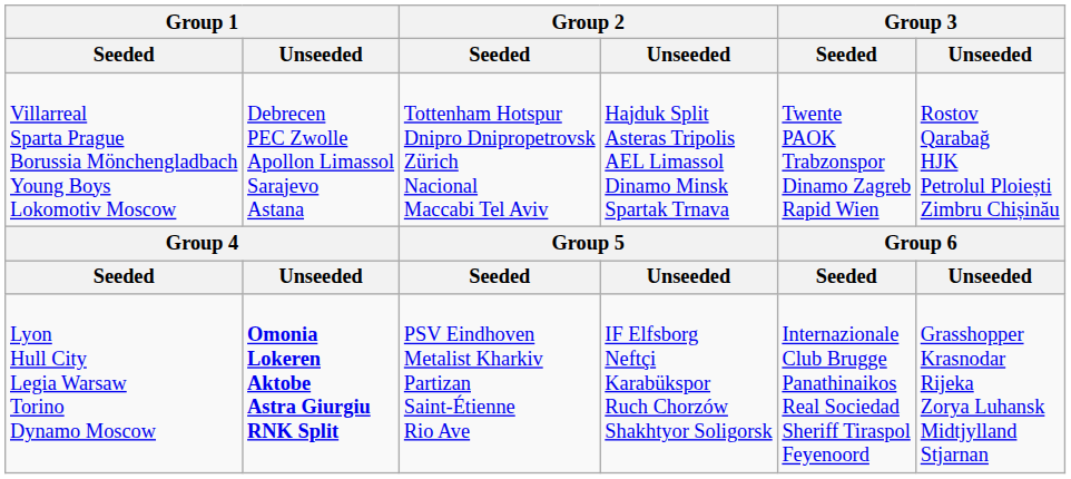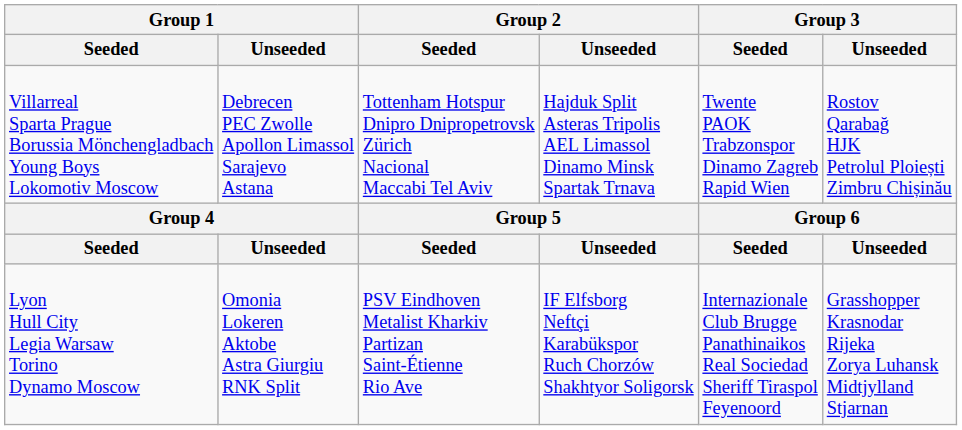 <table class="wikitable" style="font-size:85%">
 <tr>
 <th colspan=2>Group 1</th>
 <th colspan=2>Group 2</th>
 <th colspan=2>Group 3</th>
 </tr>
 <tr>
 <th>Seeded</th>
 <th>Unseeded</th>
 <th>Seeded</th>
 <th>Unseeded</th>
 <th>Seeded</th>
 <th>Unseeded</th>
 </tr>
 <tr>
 <td valign=top><br> <a href='#'>Villarreal</a> <br>  <a href='#'>Sparta Prague</a> <br>  <a href='#'>Borussia Mönchengladbach</a> <br>  <a href='#'>Young Boys</a> <br>  <a href='#'>Lokomotiv Moscow</a> </td>
 <td valign=top><br> <a href='#'>Debrecen</a> <br>  <a href='#'>PEC Zwolle</a> <br>  <a href='#'>Apollon Limassol</a> <br>  <a href='#'>Sarajevo</a> <br>  <a href='#'>Astana</a> </td>
 <td valign=top><br> <a href='#'>Tottenham Hotspur</a> <br>  <a href='#'>Dnipro Dnipropetrovsk</a> <br>  <a href='#'>Zürich</a> <br>  <a href='#'>Nacional</a> <br>  <a href='#'>Maccabi Tel Aviv</a> </td>
 <td valign=top><br> <a href='#'>Hajduk Split</a> <br>  <a href='#'>Asteras Tripolis</a> <br>  <a href='#'>AEL Limassol</a> <br>  <a href='#'>Dinamo Minsk</a> <br>  <a href='#'>Spartak Trnava</a> </td>
 <td valign=top><br> <a href='#'>Twente</a> <br>  <a href='#'>PAOK</a> <br>  <a href='#'>Trabzonspor</a> <br>  <a href='#'>Dinamo Zagreb</a> <br>  <a href='#'>Rapid Wien</a> </td>
 <td valign=top><br> <a href='#'>Rostov</a> <br>  <a href='#'>Qarabağ</a> <br>  <a href='#'>HJK</a> <br>  <a href='#'>Petrolul Ploiești</a> <br>  <a href='#'>Zimbru Chișinău</a> </td>
 </tr>
 <tr>
 <th colspan=2>Group 4</th>
 <th colspan=2>Group 5</th>
 <th colspan=2>Group 6</th>
 </tr>
 <tr>
 <th>Seeded</th>
 <th>Unseeded</th>
 <th>Seeded</th>
 <th>Unseeded</th>
 <th>Seeded</th>
 <th>Unseeded</th>
 </tr>
 <tr>
 <td valign=top><br> <a href='#'>Lyon</a> <br>  <a href='#'>Hull City</a> <br>  <a href='#'>Legia Warsaw</a> <br>  <a href='#'>Torino</a> <br>  <a href='#'>Dynamo Moscow</a> </td>
-<td valign=top><strong><br> <a href='#'>Omonia</a> <br>  <a href='#'>Lokeren</a> <br>  <a href='#'>Aktobe</a> <br>  <a href='#'>Astra Giurgiu</a> <br>  <a href='#'>RNK Split</a> </strong></td>
+<td valign=top><br> <a href='#'>Omonia</a> <br>  <a href='#'>Lokeren</a> <br>  <a href='#'>Aktobe</a> <br>  <a href='#'>Astra Giurgiu</a> <br>  <a href='#'>RNK Split</a> </td>
 <td valign=top><br> <a href='#'>PSV Eindhoven</a> <br>  <a href='#'>Metalist Kharkiv</a> <br>  <a href='#'>Partizan</a> <br>  <a href='#'>Saint-Étienne</a> <br>  <a href='#'>Rio Ave</a> </td>
 <td valign=top><br> <a href='#'>IF Elfsborg</a> <br>  <a href='#'>Neftçi</a> <br>  <a href='#'>Karabükspor</a> <br>  <a href='#'>Ruch Chorzów</a> <br>  <a href='#'>Shakhtyor Soligorsk</a> </td>
 <td valign=top><br> <a href='#'>Internazionale</a> <br>  <a href='#'>Club Brugge</a> <br>  <a href='#'>Panathinaikos</a> <br>  <a href='#'>Real Sociedad</a> <br>  <a href='#'>Sheriff Tiraspol</a> <br>  <a href='#'>Feyenoord</a> </td>
 <td valign=top><br> <a href='#'>Grasshopper</a> <br>  <a href='#'>Krasnodar</a> <br>  <a href='#'>Rijeka</a> <br>  <a href='#'>Zorya Luhansk</a> <br>  <a href='#'>Midtjylland</a> <br>  <a href='#'>Stjarnan</a> </td>
 </tr>
 </table>
